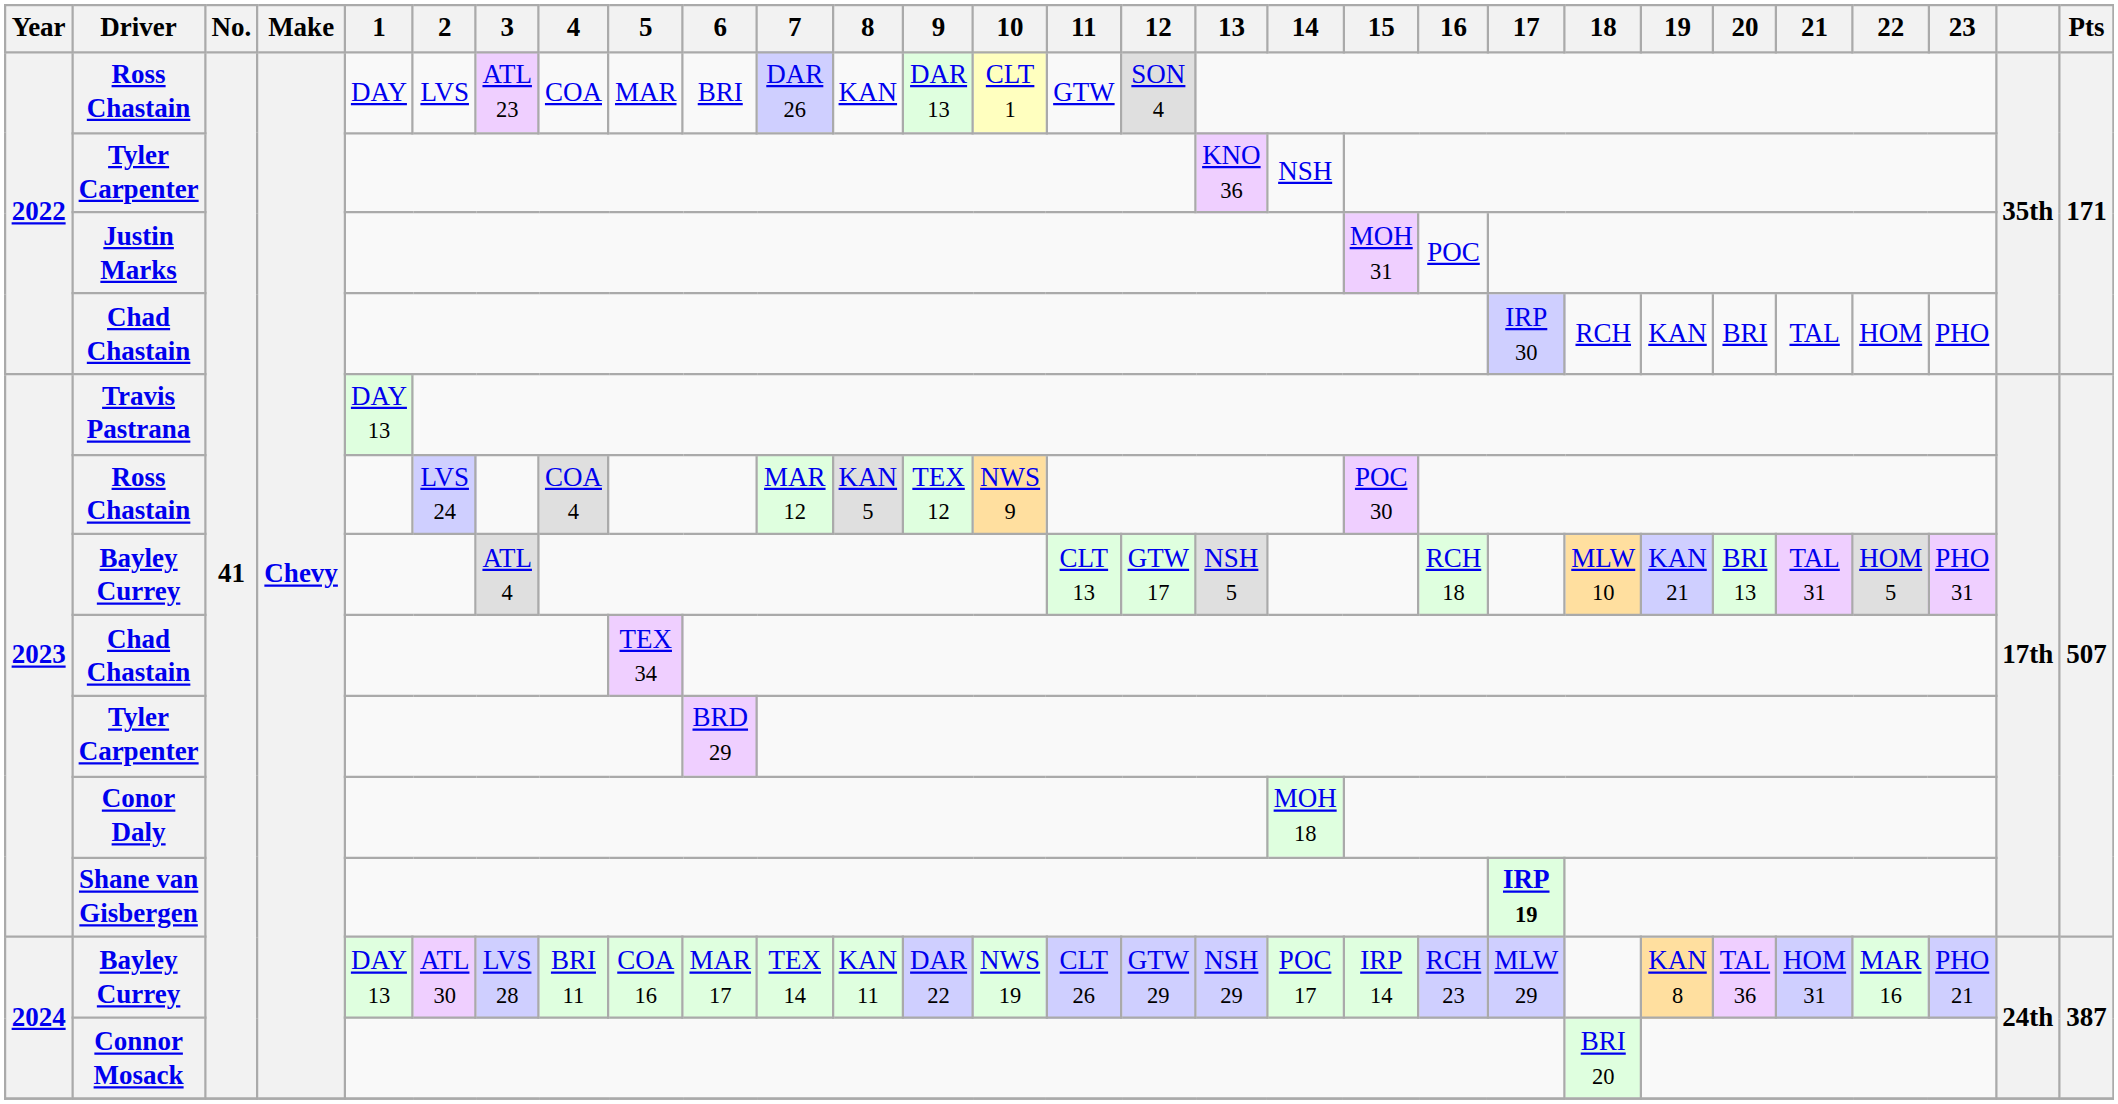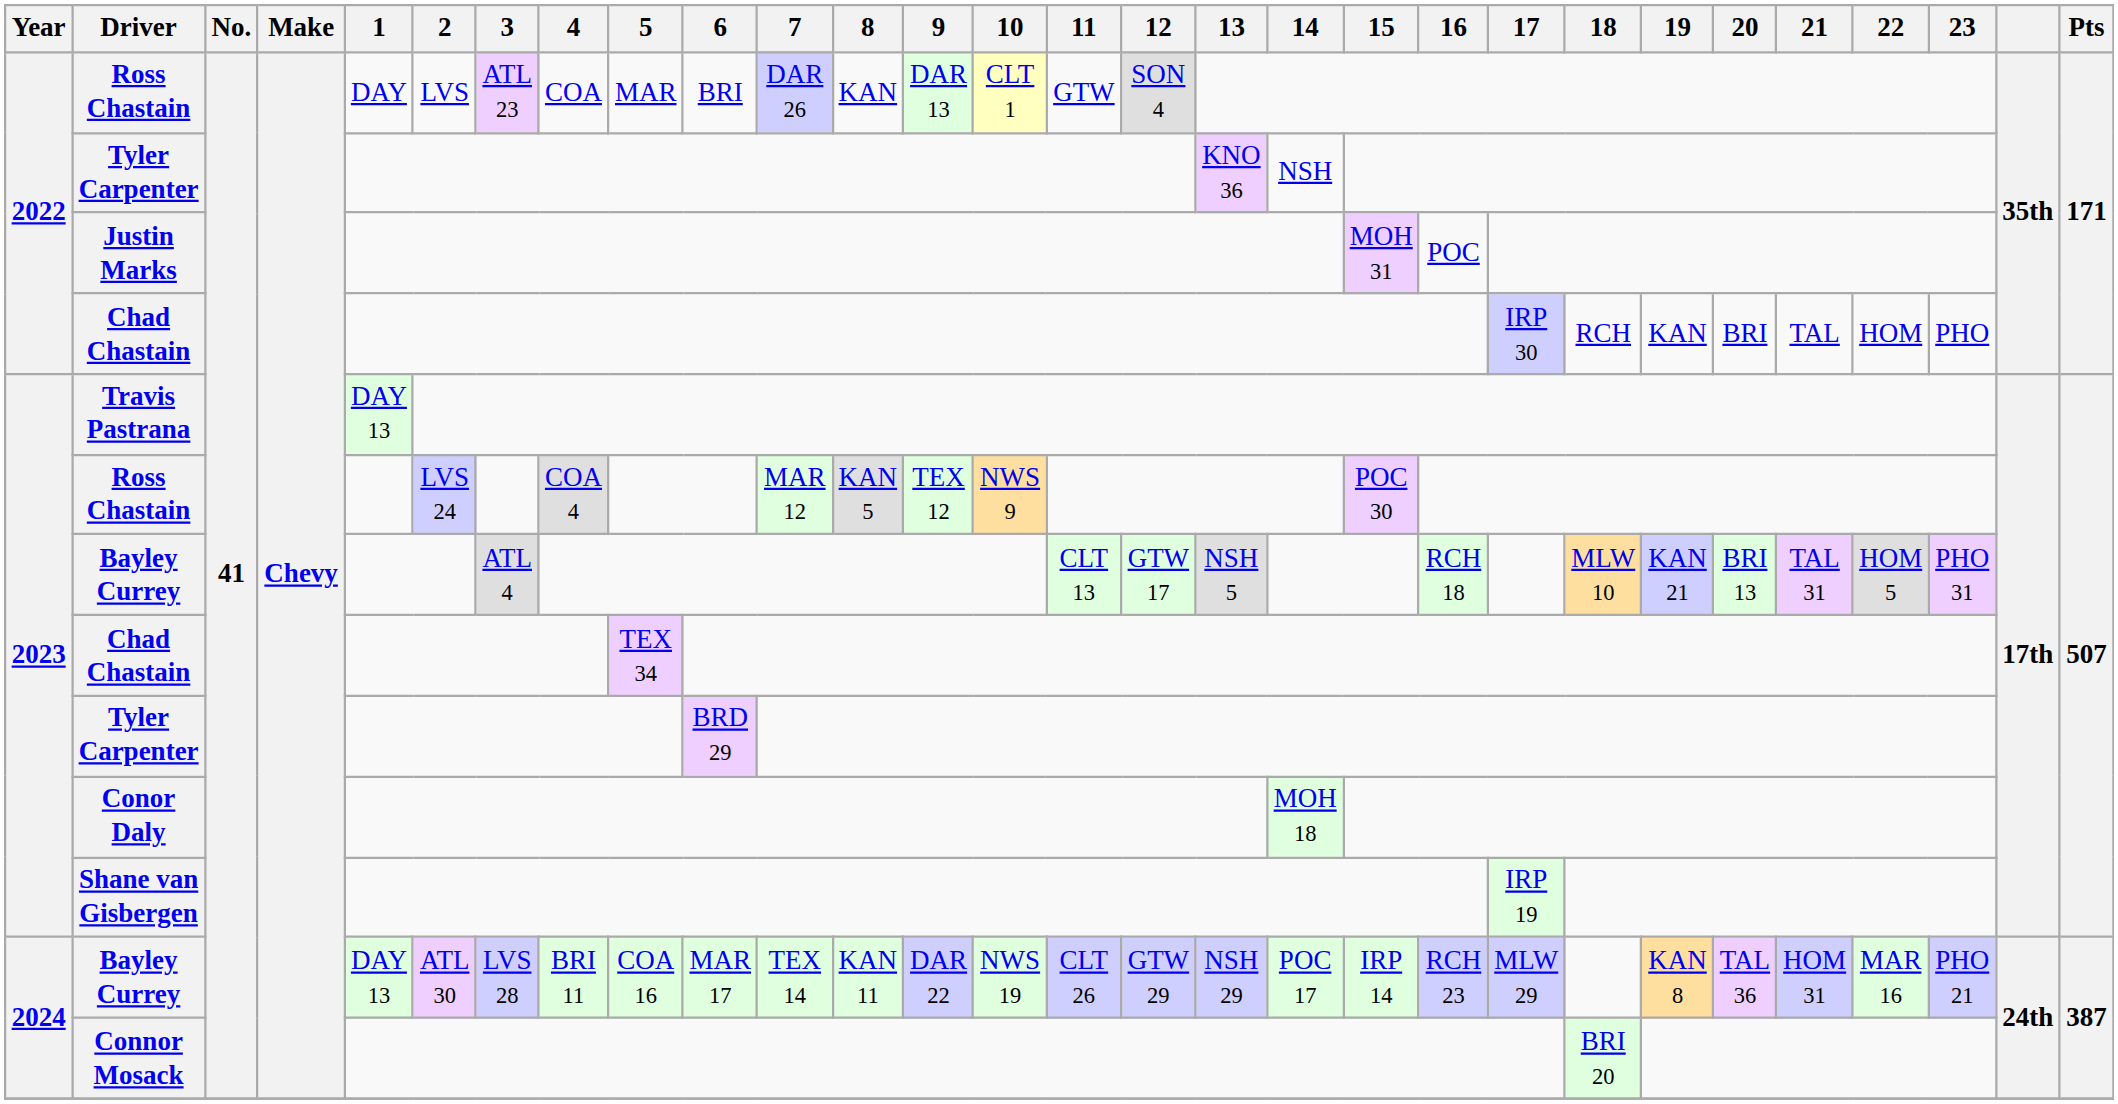 <table class="wikitable" style="text-align:center; font-size:75%">
 <tr>
 <th>Year</th>
 <th>Driver</th>
 <th>No.</th>
 <th>Make</th>
 <th>1</th>
 <th>2</th>
 <th>3</th>
 <th>4</th>
 <th>5</th>
 <th>6</th>
 <th>7</th>
 <th>8</th>
 <th>9</th>
 <th>10</th>
 <th>11</th>
 <th>12</th>
 <th>13</th>
 <th>14</th>
 <th>15</th>
 <th>16</th>
 <th>17</th>
 <th>18</th>
 <th>19</th>
 <th>20</th>
 <th>21</th>
 <th>22</th>
 <th>23</th>
 <th></th>
 <th>Pts</th>
 </tr>
 <tr>
 <th rowspan=4><a href='#'>2022</a></th>
 <th><a href='#'>Ross Chastain</a></th>
 <th rowspan="13">41</th>
 <th rowspan="13"><a href='#'>Chevy</a></th>
 <td><a href='#'>DAY</a></td>
 <td><a href='#'>LVS</a></td>
 <td style="background:#EFCFFF;"><a href='#'>ATL</a><br><small>23</small></td>
 <td><a href='#'>COA</a></td>
 <td><a href='#'>MAR</a></td>
 <td><a href='#'>BRI</a></td>
 <td style="background:#CFCFFF;"><a href='#'>DAR</a><br><small>26</small></td>
 <td><a href='#'>KAN</a></td>
 <td style="background:#DFFFDF;"><a href='#'>DAR</a><br><small>13</small></td>
 <td style="background:#FFFFBF;"><a href='#'>CLT</a><br><small>1</small></td>
 <td><a href='#'>GTW</a></td>
 <td style="background:#DFDFDF;"><a href='#'>SON</a><br><small>4</small></td>
 <td colspan=11></td>
 <th rowspan=4>35th</th>
 <th rowspan=4>171</th>
 </tr>
 <tr>
 <th><a href='#'>Tyler Carpenter</a></th>
 <td colspan=12></td>
 <td style="background:#EFCFFF;"><a href='#'>KNO</a><br><small>36</small></td>
 <td><a href='#'>NSH</a></td>
 <td colspan=9></td>
 </tr>
 <tr>
 <th><a href='#'>Justin Marks</a></th>
 <td colspan=14></td>
 <td style="background:#EFCFFF;"><a href='#'>MOH</a><br><small>31</small></td>
 <td><a href='#'>POC</a></td>
 <td colspan=7></td>
 </tr>
 <tr>
 <th><a href='#'>Chad Chastain</a></th>
 <td colspan=16></td>
 <td style="background:#CFCFFF;"><a href='#'>IRP</a><br><small>30</small></td>
 <td><a href='#'>RCH</a></td>
 <td><a href='#'>KAN</a></td>
 <td><a href='#'>BRI</a></td>
 <td><a href='#'>TAL</a></td>
 <td><a href='#'>HOM</a></td>
 <td><a href='#'>PHO</a></td>
 </tr>
 <tr>
 <th rowspan="7"><a href='#'>2023</a></th>
 <th><a href='#'>Travis Pastrana</a></th>
 <td style="background:#DFFFDF;"><a href='#'>DAY</a><br><small>13</small></td>
 <td colspan="22"></td>
 <th rowspan="7">17th</th>
 <th rowspan="7">507</th>
 </tr>
 <tr>
 <th><a href='#'>Ross Chastain</a></th>
 <td></td>
 <td style="background:#CFCFFF;"><a href='#'>LVS</a><br><small>24</small></td>
 <td></td>
 <td style="background:#DFDFDF;"><a href='#'>COA</a><br><small>4</small></td>
 <td colspan="2"></td>
 <td style="background:#DFFFDF;"><a href='#'>MAR</a><br><small>12</small></td>
 <td style="background:#DFDFDF;"><a href='#'>KAN</a><br><small>5</small></td>
 <td style="background:#DFFFDF;"><a href='#'>TEX</a><br><small>12</small></td>
 <td style="background:#FFDF9F;"><a href='#'>NWS</a><br><small>9</small></td>
 <td colspan=4></td>
 <td style="background:#EFCFFF;"><a href='#'>POC</a><br><small>30</small></td>
 <td colspan=8></td>
 </tr>
 <tr>
 <th><a href='#'>Bayley Currey</a></th>
 <td colspan="2"></td>
 <td style="background:#DFDFDF;"><a href='#'>ATL</a><br><small>4</small></td>
 <td colspan="7"></td>
 <td style="background:#DFFFDF;"><a href='#'>CLT</a><br><small>13</small></td>
 <td style="background:#DFFFDF;"><a href='#'>GTW</a><br><small>17</small></td>
 <td style="background:#DFDFDF;"><a href='#'>NSH</a><br><small>5</small></td>
 <td colspan="2"></td>
 <td style="background:#DFFFDF;"><a href='#'>RCH</a><br><small>18</small></td>
 <td></td>
 <td style="background:#FFDF9F;"><a href='#'>MLW</a><br><small>10</small></td>
 <td style="background:#CFCFFF;"><a href='#'>KAN</a><br><small>21</small></td>
 <td style="background:#DFFFDF;"><a href='#'>BRI</a><br><small>13</small></td>
 <td style="background:#EFCFFF;"><a href='#'>TAL</a><br><small>31</small></td>
 <td style="background:#DFDFDF;"><a href='#'>HOM</a><br><small>5</small></td>
 <td style="background:#EFCFFF;"><a href='#'>PHO</a><br><small>31</small></td>
 </tr>
 <tr>
 <th><a href='#'>Chad Chastain</a></th>
 <td colspan="4"></td>
 <td style="background:#EFCFFF;"><a href='#'>TEX</a><br><small>34</small></td>
 <td colspan="18"></td>
 </tr>
 <tr>
 <th><a href='#'>Tyler Carpenter</a></th>
 <td colspan="5"></td>
 <td style="background:#EFCFFF;"><a href='#'>BRD</a><br><small>29</small></td>
 <td colspan="17"></td>
 </tr>
 <tr>
 <th><a href='#'>Conor Daly</a></th>
 <td colspan="13"></td>
 <td style="background:#DFFFDF;"><a href='#'>MOH</a><br><small>18</small></td>
 <td colspan="9"></td>
 </tr>
 <tr>
 <th><a href='#'>Shane van Gisbergen</a></th>
 <td colspan="16"></td>
-<td style="background:#DFFFDF;"><strong><a href='#'>IRP</a><br><small>19</small></strong></td>
+<td style="background:#DFFFDF;"><a href='#'>IRP</a><br><small>19</small></td>
 <td colspan="6"></td>
 </tr>
 <tr>
 <th rowspan="2"><a href='#'>2024</a></th>
 <th><a href='#'>Bayley Currey</a></th>
 <td style="background:#DFFFDF;"><a href='#'>DAY</a><br><small>13</small></td>
 <td style="background:#EFCFFF;"><a href='#'>ATL</a><br><small>30</small></td>
 <td style="background:#CFCFFF;"><a href='#'>LVS</a><br><small>28</small></td>
 <td style="background:#DFFFDF;"><a href='#'>BRI</a><br><small>11</small></td>
 <td style="background:#DFFFDF;"><a href='#'>COA</a><br><small>16</small></td>
 <td style="background:#DFFFDF;"><a href='#'>MAR</a><br><small>17</small></td>
 <td style="background:#DFFFDF;"><a href='#'>TEX</a><br><small>14</small></td>
 <td style="background:#DFFFDF;"><a href='#'>KAN</a><br><small>11</small></td>
 <td style="background:#CFCFFF;"><a href='#'>DAR</a><br><small>22</small></td>
 <td style="background:#DFFFDF;"><a href='#'>NWS</a><br><small>19</small></td>
 <td style="background:#CFCFFF;"><a href='#'>CLT</a><br><small>26</small></td>
 <td style="background:#CFCFFF;"><a href='#'>GTW</a><br><small>29</small></td>
 <td style="background:#CFCFFF;"><a href='#'>NSH</a><br><small>29</small></td>
 <td style="background:#DFFFDF;"><a href='#'>POC</a><br><small>17</small></td>
 <td style="background:#DFFFDF;"><a href='#'>IRP</a><br><small>14</small></td>
 <td style="background:#CFCFFF;"><a href='#'>RCH</a><br><small>23</small></td>
 <td style="background:#CFCFFF;"><a href='#'>MLW</a><br><small>29</small></td>
 <td></td>
 <td style="background:#FFDF9F;"><a href='#'>KAN</a><br><small>8</small></td>
 <td style="background:#EFCFFF;"><a href='#'>TAL</a><br><small>36</small></td>
 <td style="background:#CFCFFF;"><a href='#'>HOM</a><br><small>31</small></td>
 <td style="background:#DFFFDF;"><a href='#'>MAR</a><br><small>16</small></td>
 <td style="background:#CFCFFF;"><a href='#'>PHO</a><br><small>21</small></td>
 <th Rowspan="2">24th</th>
 <th Rowspan="2">387</th>
 </tr>
 <tr>
 <th><a href='#'>Connor Mosack</a></th>
 <td colspan="17"></td>
 <td style="background:#DFFFDF;"><a href='#'>BRI</a><br><small>20</small></td>
 <td colspan="5"></td>
 </tr>
 <tr>
 </tr>
 </table>
